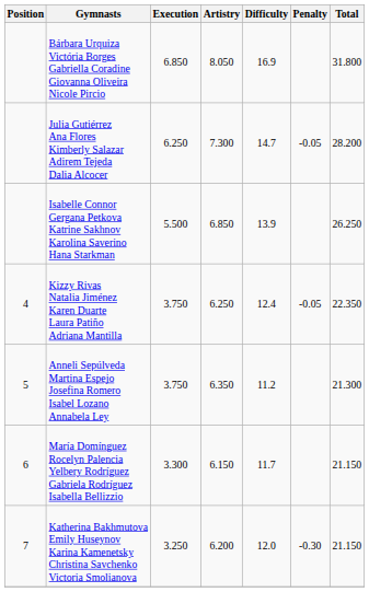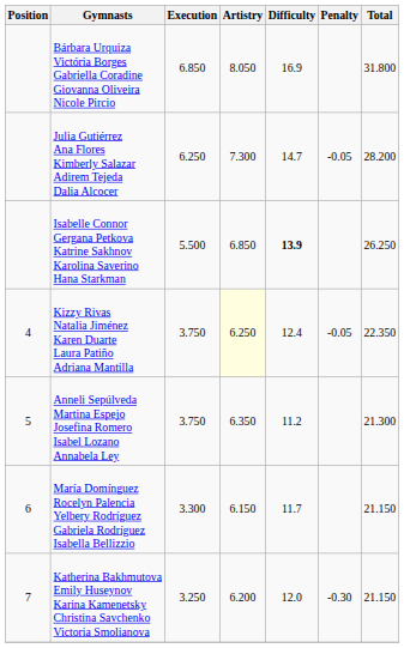 <table class="wikitable sortable" style="text-align:center; font-size:95%">
 <tr>
 <th>Position</th>
 <th>Gymnasts</th>
 <th>Execution</th>
 <th>Artistry</th>
 <th>Difficulty</th>
 <th>Penalty</th>
 <th>Total</th>
 </tr>
 <tr>
 <td></td>
 <td align="left"><br><a href='#'>Bárbara Urquiza</a><br><a href='#'>Victória Borges</a><br><a href='#'>Gabriella Coradine</a><br><a href='#'>Giovanna Oliveira</a><br><a href='#'>Nicole Pircio</a></td>
 <td>6.850</td>
 <td>8.050</td>
 <td>16.9</td>
 <td></td>
 <td>31.800</td>
 </tr>
 <tr>
 <td></td>
 <td align="left"><br><a href='#'>Julia Gutiérrez</a><br><a href='#'>Ana Flores</a><br><a href='#'>Kimberly Salazar</a><br><a href='#'>Adirem Tejeda</a><br><a href='#'>Dalia Alcocer</a></td>
 <td>6.250</td>
 <td>7.300</td>
 <td>14.7</td>
 <td>-0.05</td>
 <td>28.200</td>
 </tr>
 <tr>
 <td></td>
 <td align="left"><br><a href='#'>Isabelle Connor</a><br><a href='#'>Gergana Petkova</a><br><a href='#'>Katrine Sakhnov</a><br><a href='#'>Karolina Saverino</a><br><a href='#'>Hana Starkman</a></td>
 <td>5.500</td>
 <td>6.850</td>
-<td>13.9</td>
+<td><strong>13.9</strong></td>
 <td></td>
 <td>26.250</td>
 </tr>
 <tr>
 <td>4</td>
 <td align="left"><br><a href='#'>Kizzy Rivas</a><br><a href='#'>Natalia Jiménez</a><br><a href='#'>Karen Duarte</a><br><a href='#'>Laura Patiño</a><br><a href='#'>Adriana Mantilla</a></td>
 <td>3.750</td>
-<td>6.250</td>
+<td style="background: lightyellow;">6.250</td>
 <td>12.4</td>
 <td>-0.05</td>
 <td>22.350</td>
 </tr>
 <tr>
 <td>5</td>
 <td align="left"><br><a href='#'>Anneli Sepúlveda</a><br><a href='#'>Martina Espejo</a><br><a href='#'>Josefina Romero</a><br><a href='#'>Isabel Lozano</a><br><a href='#'>Annabela Ley</a></td>
 <td>3.750</td>
 <td>6.350</td>
 <td>11.2</td>
 <td></td>
 <td>21.300</td>
 </tr>
 <tr>
 <td>6</td>
 <td align="left"><br><a href='#'>María Domínguez</a><br><a href='#'>Rocelyn Palencia</a><br><a href='#'>Yelbery Rodríguez</a><br><a href='#'>Gabriela Rodríguez</a><br><a href='#'>Isabella Bellizzio</a></td>
 <td>3.300</td>
 <td>6.150</td>
 <td>11.7</td>
 <td></td>
 <td>21.150</td>
 </tr>
 <tr>
 <td>7</td>
 <td align="left"><br><a href='#'>Katherina Bakhmutova</a><br><a href='#'>Emily Huseynov</a><br><a href='#'>Karina Kamenetsky</a><br><a href='#'>Christina Savchenko</a><br><a href='#'>Victoria Smolianova</a></td>
 <td>3.250</td>
 <td>6.200</td>
 <td>12.0</td>
 <td>-0.30</td>
 <td>21.150</td>
 </tr>
 <tr>
 </tr>
 </table>
